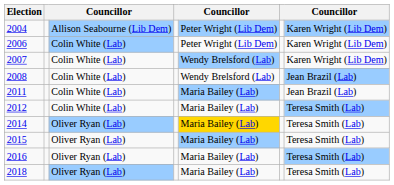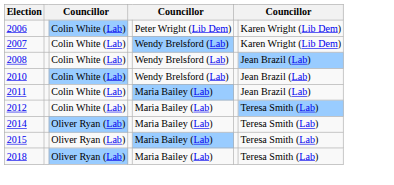 <table class="wikitable">
 <tr>
 <th>Election</th>
 <th colspan="2">Councillor</th>
 <th colspan="2">Councillor</th>
 <th colspan="2">Councillor</th>
-</tr>
-<tr>
-<td><a href='#'>2004</a></td>
-<td style="background-color: "></td>
-<td bgcolor="#99CCFF">Allison Seabourne (<a href='#'>Lib Dem</a>)</td>
-<td style="background-color: "></td>
-<td bgcolor="#99CCFF">Peter Wright (<a href='#'>Lib Dem</a>)</td>
-<td style="background-color: "></td>
-<td bgcolor="#99CCFF">Karen Wright (<a href='#'>Lib Dem</a>)</td>
 </tr>
 <tr>
 <td><a href='#'>2006</a></td>
 <td style="background-color: "></td>
 <td bgcolor="#99CCFF">Colin White (<a href='#'>Lab</a>)</td>
 <td style="background-color: "></td>
 <td>Peter Wright (<a href='#'>Lib Dem</a>)</td>
 <td style="background-color: "></td>
 <td>Karen Wright (<a href='#'>Lib Dem</a>)</td>
 </tr>
 <tr>
 <td><a href='#'>2007</a></td>
 <td style="background-color: "></td>
 <td>Colin White (<a href='#'>Lab</a>)</td>
 <td style="background-color: "></td>
 <td bgcolor="#99CCFF">Wendy Brelsford (<a href='#'>Lab</a>)</td>
 <td style="background-color: "></td>
 <td>Karen Wright (<a href='#'>Lib Dem</a>)</td>
 </tr>
 <tr>
 <td><a href='#'>2008</a></td>
 <td style="background-color: "></td>
 <td>Colin White (<a href='#'>Lab</a>)</td>
 <td style="background-color: "></td>
 <td>Wendy Brelsford (<a href='#'>Lab</a>)</td>
 <td style="background-color: "></td>
 <td bgcolor="#99CCFF">Jean Brazil (<a href='#'>Lab</a>)</td>
 </tr>
 <tr>
+<td><a href='#'>2010</a></td>
+<td style="background-color: "></td>
+<td bgcolor="#99CCFF">Colin White (<a href='#'>Lab</a>)</td>
+<td style="background-color: "></td>
+<td>Wendy Brelsford (<a href='#'>Lab</a>)</td>
+<td style="background-color: "></td>
+<td>Jean Brazil (<a href='#'>Lab</a>)</td>
+</tr>
+<tr>
 <td><a href='#'>2011</a></td>
 <td style="background-color: "></td>
 <td>Colin White (<a href='#'>Lab</a>)</td>
 <td style="background-color: "></td>
 <td bgcolor="#99CCFF">Maria Bailey (<a href='#'>Lab</a>)</td>
 <td style="background-color: "></td>
 <td>Jean Brazil (<a href='#'>Lab</a>)</td>
 </tr>
 <tr>
 <td><a href='#'>2012</a></td>
 <td style="background-color: "></td>
 <td>Colin White (<a href='#'>Lab</a>)</td>
 <td style="background-color: "></td>
 <td>Maria Bailey (<a href='#'>Lab</a>)</td>
 <td style="background-color: "></td>
 <td bgcolor="#99CCFF">Teresa Smith (<a href='#'>Lab</a>)</td>
 </tr>
 <tr>
 <td><a href='#'>2014</a></td>
 <td style="background-color: "></td>
 <td bgcolor="#99CCFF">Oliver Ryan (<a href='#'>Lab</a>)</td>
 <td style="background-color: "></td>
-<td style="background: gold;">Maria Bailey (<a href='#'>Lab</a>)</td>
+<td>Maria Bailey (<a href='#'>Lab</a>)</td>
 <td style="background-color: "></td>
 <td>Teresa Smith (<a href='#'>Lab</a>)</td>
 </tr>
 <tr>
 <td><a href='#'>2015</a></td>
 <td style="background-color: "></td>
 <td>Oliver Ryan (<a href='#'>Lab</a>)</td>
 <td style="background-color: "></td>
 <td bgcolor="#99CCFF">Maria Bailey (<a href='#'>Lab</a>)</td>
 <td style="background-color: "></td>
 <td>Teresa Smith (<a href='#'>Lab</a>)</td>
 </tr>
 <tr>
-<td><a href='#'>2016</a></td>
-<td style="background-color: "></td>
-<td>Oliver Ryan (<a href='#'>Lab</a>)</td>
-<td style="background-color: "></td>
-<td>Maria Bailey (<a href='#'>Lab</a>)</td>
-<td style="background-color: "></td>
-<td bgcolor="#99CCFF">Teresa Smith (<a href='#'>Lab</a>)</td>
-</tr>
-<tr>
 <td><a href='#'>2018</a></td>
 <td style="background-color: "></td>
 <td bgcolor="#99CCFF">Oliver Ryan (<a href='#'>Lab</a>)</td>
 <td style="background-color: "></td>
 <td>Maria Bailey (<a href='#'>Lab</a>)</td>
 <td style="background-color: "></td>
 <td>Teresa Smith (<a href='#'>Lab</a>)</td>
 </tr>
 </table>
